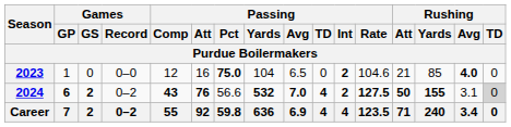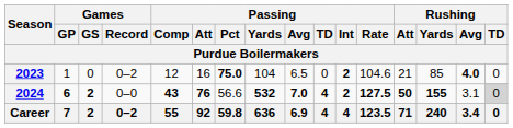 <table class="wikitable" style="text-align:center;">
 <tr>
 <th rowspan="2">Season</th>
 <th colspan="3">Games</th>
 <th colspan="8">Passing</th>
 <th colspan="5">Rushing</th>
 </tr>
 <tr>
 <th>GP</th>
 <th>GS</th>
 <th>Record</th>
 <th>Comp</th>
 <th>Att</th>
 <th>Pct</th>
 <th>Yards</th>
 <th>Avg</th>
 <th>TD</th>
 <th>Int</th>
 <th>Rate</th>
 <th>Att</th>
 <th>Yards</th>
 <th>Avg</th>
 <th>TD</th>
 </tr>
 <tr>
 <th colspan="17">Purdue Boilermakers</th>
 </tr>
 <tr>
 <th><a href='#'>2023</a></th>
 <td>1</td>
 <td>0</td>
-<td>0–0</td>
+<td>0–2</td>
 <td>12</td>
 <td>16</td>
 <td><strong>75.0</strong></td>
 <td>104</td>
 <td>6.5</td>
 <td>0</td>
 <td><strong>2</strong></td>
 <td>104.6</td>
 <td>21</td>
 <td>85</td>
 <td><strong>4.0</strong></td>
 <td>0</td>
 </tr>
 <tr>
 <th><a href='#'>2024</a></th>
 <td><strong>6</strong></td>
 <td><strong>2</strong></td>
-<td>0–2</td>
+<td>0–0</td>
 <td><strong>43</strong></td>
 <td><strong>76</strong></td>
 <td>56.6</td>
 <td><strong>532</strong></td>
 <td><strong>7.0</strong></td>
 <td><strong>4</strong></td>
 <td><strong>2</strong></td>
 <td><strong>127.5</strong></td>
 <td><strong>50</strong></td>
 <td><strong>155</strong></td>
 <td>3.1</td>
 <td style="background: lightgrey;">0</td>
 </tr>
 <tr>
 <th>Career</th>
 <th>7</th>
 <th>2</th>
 <th>0–2</th>
 <th>55</th>
 <th>92</th>
 <th>59.8</th>
 <th>636</th>
 <th>6.9</th>
 <th>4</th>
 <th>4</th>
 <th>123.5</th>
 <th>71</th>
 <th>240</th>
 <th>3.4</th>
 <th>0</th>
 </tr>
 </table>
